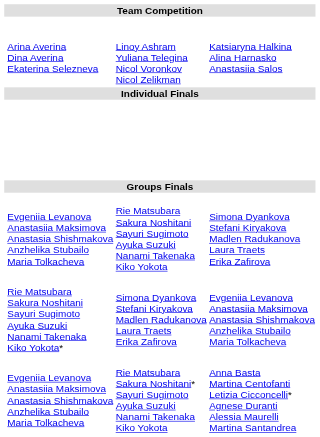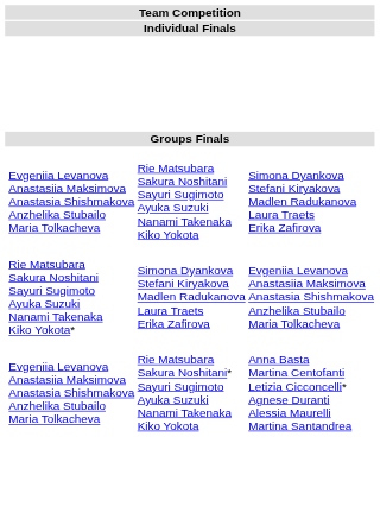 <table>
 <tr bgcolor="#DFDFDF">
 <td colspan="4" align="center"><strong>Team Competition</strong></td>
-</tr>
-<tr>
-<th scope=row style="text-align:left"><br></th>
-<td valign="top"><br><br><a href='#'>Arina Averina</a><br> <a href='#'>Dina Averina</a><br> <a href='#'>Ekaterina Selezneva</a><br></td>
-<td valign="top"><br><br><a href='#'>Linoy Ashram</a><br> <a href='#'>Yuliana Telegina</a><br> <a href='#'>Nicol Voronkov</a><br> <a href='#'>Nicol Zelikman</a><br></td>
-<td valign="top"><br><br><a href='#'>Katsiaryna Halkina</a><br> <a href='#'>Alina Harnasko</a><br> <a href='#'>Anastasiia Salos</a><br></td>
 </tr>
 <tr bgcolor="#DFDFDF">
 <td colspan="4" align="center"><strong>Individual Finals</strong></td>
 </tr>
 <tr>
 <th scope=row style="text-align:left"><br></th>
 <td></td>
 <td></td>
 <td></td>
 </tr>
 <tr>
 <th scope=row style="text-align:left"><br></th>
 <td></td>
 <td></td>
 <td></td>
 </tr>
 <tr>
 <th scope=row style="text-align:left"><br><br></th>
 <td></td>
 <td></td>
 <td></td>
 </tr>
 <tr>
 <th scope=row style="text-align:left"><br></th>
 <td></td>
 <td></td>
 <td></td>
 </tr>
 <tr>
 <th scope=row style="text-align:left"><br></th>
 <td></td>
 <td></td>
 <td></td>
 </tr>
 <tr bgcolor="#DFDFDF">
 <td colspan="4" align="center"><strong>Groups Finals</strong></td>
 </tr>
 <tr>
 <th scope=row style="text-align:left"><br></th>
 <td> <br><a href='#'>Evgeniia Levanova</a><br><a href='#'>Anastasiia Maksimova</a><br><a href='#'>Anastasia Shishmakova</a><br><a href='#'>Anzhelika Stubailo</a><br><a href='#'>Maria Tolkacheva</a></td>
 <td> <br><a href='#'>Rie Matsubara</a><br><a href='#'>Sakura Noshitani</a><br><a href='#'>Sayuri Sugimoto</a><br><a href='#'>Ayuka Suzuki</a><br><a href='#'>Nanami Takenaka</a><br><a href='#'>Kiko Yokota</a></td>
 <td> <br><a href='#'>Simona Dyankova</a><br><a href='#'>Stefani Kiryakova</a><br><a href='#'>Madlen Radukanova</a><br><a href='#'>Laura Traets</a><br><a href='#'>Erika Zafirova</a></td>
 </tr>
 <tr>
 <th scope=row style="text-align:left"><br><br></th>
 <td> <br><a href='#'>Rie Matsubara</a><br><a href='#'>Sakura Noshitani</a><br><a href='#'>Sayuri Sugimoto</a><br><a href='#'>Ayuka Suzuki</a><br><a href='#'>Nanami Takenaka</a><br><a href='#'>Kiko Yokota</a>*</td>
 <td> <br><a href='#'>Simona Dyankova</a><br><a href='#'>Stefani Kiryakova</a><br><a href='#'>Madlen Radukanova</a><br><a href='#'>Laura Traets</a><br><a href='#'>Erika Zafirova</a></td>
 <td> <br><a href='#'>Evgeniia Levanova</a><br><a href='#'>Anastasiia Maksimova</a><br><a href='#'>Anastasia Shishmakova</a><br><a href='#'>Anzhelika Stubailo</a><br><a href='#'>Maria Tolkacheva</a></td>
 </tr>
 <tr>
 <th scope=row style="text-align:left"><br><br></th>
 <td> <br><a href='#'>Evgeniia Levanova</a><br><a href='#'>Anastasiia Maksimova</a><br><a href='#'>Anastasia Shishmakova</a><br><a href='#'>Anzhelika Stubailo</a><br><a href='#'>Maria Tolkacheva</a></td>
 <td> <br><a href='#'>Rie Matsubara</a><br><a href='#'>Sakura Noshitani</a>*<br><a href='#'>Sayuri Sugimoto</a><br><a href='#'>Ayuka Suzuki</a><br><a href='#'>Nanami Takenaka</a><br><a href='#'>Kiko Yokota</a></td>
 <td> <br><a href='#'>Anna Basta</a><br><a href='#'>Martina Centofanti</a><br><a href='#'>Letizia Cicconcelli</a>*<br><a href='#'>Agnese Duranti</a><br><a href='#'>Alessia Maurelli</a><br><a href='#'>Martina Santandrea</a></td>
 </tr>
 </table>
